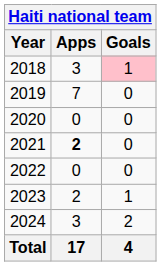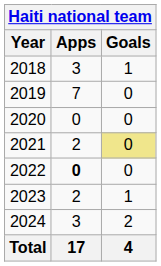 <table class="wikitable" style="text-align:center">
 <tr>
 <th colspan=3><a href='#'>Haiti national team</a></th>
 </tr>
 <tr>
 <th>Year</th>
 <th>Apps</th>
 <th>Goals</th>
 </tr>
 <tr>
 <td>2018</td>
 <td>3</td>
-<td style="background: pink;">1</td>
+<td>1</td>
 </tr>
 <tr>
 <td>2019</td>
 <td>7</td>
 <td>0</td>
 </tr>
 <tr>
 <td>2020</td>
 <td>0</td>
 <td>0</td>
 </tr>
 <tr>
 <td>2021</td>
-<td><strong>2</strong></td>
-<td>0</td>
+<td>2</td>
+<td style="background: khaki;">0</td>
 </tr>
 <tr>
 <td>2022</td>
-<td>0</td>
+<td><strong>0</strong></td>
 <td>0</td>
 </tr>
 <tr>
 <td>2023</td>
 <td>2</td>
 <td>1</td>
 </tr>
 <tr>
 <td>2024</td>
 <td>3</td>
 <td>2</td>
 </tr>
 <tr>
 <th>Total</th>
 <th>17</th>
 <th>4</th>
 </tr>
 </table>
